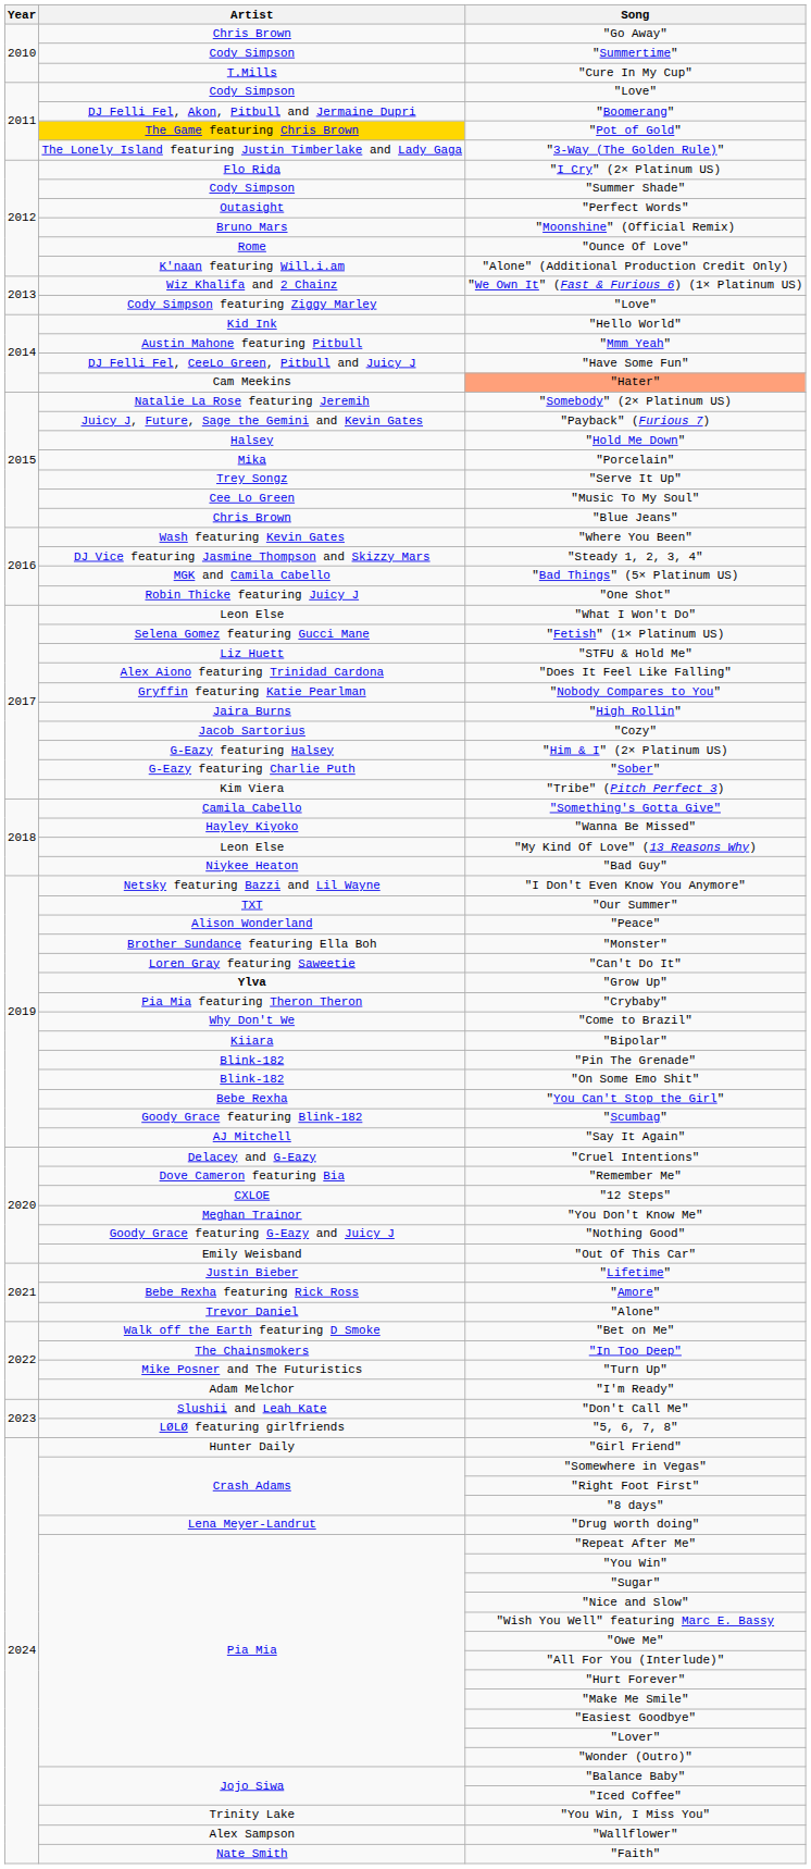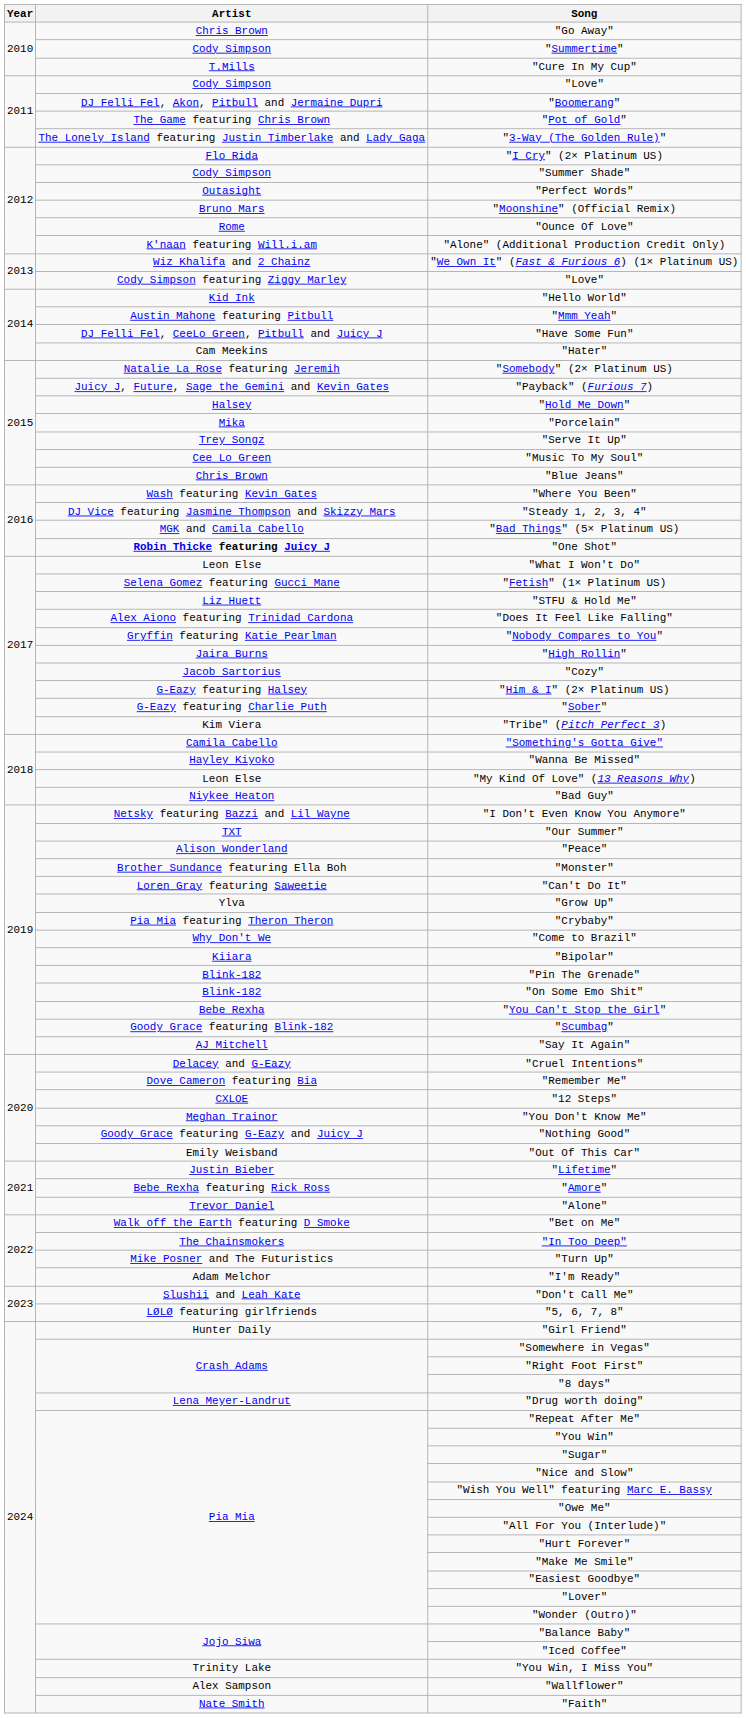 <table class="wikitable plainrowheaders" style="text-align:center;">
 <tr>
 <th scope="col">Year</th>
 <th scope="col">Artist</th>
 <th scope="col">Song</th>
 </tr>
 <tr>
 <td rowspan="3">2010</td>
 <td scope="row"><a href='#'>Chris Brown</a></td>
 <td>"Go Away"</td>
 </tr>
 <tr>
 <td><a href='#'>Cody Simpson</a></td>
 <td>"<a href='#'>Summertime</a>"</td>
 </tr>
 <tr>
 <td><a href='#'>T.Mills</a></td>
 <td>"Cure In My Cup"</td>
 </tr>
 <tr>
 <td rowspan="4">2011</td>
 <td><a href='#'>Cody Simpson</a></td>
 <td>"Love"</td>
 </tr>
 <tr>
 <td><a href='#'>DJ Felli Fel</a>, <a href='#'>Akon</a>, <a href='#'>Pitbull</a> and <a href='#'>Jermaine Dupri</a></td>
 <td>"<a href='#'>Boomerang</a>"</td>
 </tr>
 <tr>
-<td style="background: gold;"><a href='#'>The Game</a> featuring <a href='#'>Chris Brown</a></td>
+<td><a href='#'>The Game</a> featuring <a href='#'>Chris Brown</a></td>
 <td>"<a href='#'>Pot of Gold</a>"</td>
 </tr>
 <tr>
 <td><a href='#'>The Lonely Island</a> featuring <a href='#'>Justin Timberlake</a> and <a href='#'>Lady Gaga</a></td>
 <td>"<a href='#'>3-Way (The Golden Rule)</a>"</td>
 </tr>
 <tr>
 <td rowspan="6">2012</td>
 <td><a href='#'>Flo Rida</a></td>
 <td>"<a href='#'>I Cry</a>" (2× Platinum US)</td>
 </tr>
 <tr>
 <td><a href='#'>Cody Simpson</a></td>
 <td>"Summer Shade"</td>
 </tr>
 <tr>
 <td><a href='#'>Outasight</a></td>
 <td>"Perfect Words"</td>
 </tr>
 <tr>
 <td><a href='#'>Bruno Mars</a></td>
 <td>"<a href='#'>Moonshine</a>" (Official Remix)</td>
 </tr>
 <tr>
 <td><a href='#'>Rome</a></td>
 <td>"Ounce Of Love"</td>
 </tr>
 <tr>
 <td><a href='#'>K'naan</a> featuring <a href='#'>Will.i.am</a></td>
 <td>"Alone" (Additional Production Credit Only)</td>
 </tr>
 <tr>
 <td rowspan="2">2013</td>
 <td><a href='#'>Wiz Khalifa</a> and <a href='#'>2 Chainz</a></td>
 <td>"<a href='#'>We Own It</a>" (<em><a href='#'>Fast & Furious 6</a></em>) (1× Platinum US)</td>
 </tr>
 <tr>
 <td><a href='#'>Cody Simpson</a> featuring <a href='#'>Ziggy Marley</a></td>
 <td>"Love"</td>
 </tr>
 <tr>
 <td rowspan="4">2014</td>
 <td><a href='#'>Kid Ink</a></td>
 <td>"Hello World"</td>
 </tr>
 <tr>
 <td><a href='#'>Austin Mahone</a> featuring <a href='#'>Pitbull</a></td>
 <td>"<a href='#'>Mmm Yeah</a>"</td>
 </tr>
 <tr>
 <td><a href='#'>DJ Felli Fel</a>, <a href='#'>CeeLo Green</a>, <a href='#'>Pitbull</a> and <a href='#'>Juicy J</a></td>
 <td>"Have Some Fun"</td>
 </tr>
 <tr>
 <td>Cam Meekins</td>
-<td style="background: lightsalmon;">"Hater"</td>
+<td>"Hater"</td>
 </tr>
 <tr>
 <td rowspan="7">2015</td>
 <td><a href='#'>Natalie La Rose</a> featuring <a href='#'>Jeremih</a></td>
 <td>"<a href='#'>Somebody</a>" (2× Platinum US)</td>
 </tr>
 <tr>
 <td><a href='#'>Juicy J</a>, <a href='#'>Future</a>, <a href='#'>Sage the Gemini</a> and <a href='#'>Kevin Gates</a></td>
 <td>"Payback" (<em><a href='#'>Furious 7</a></em>)</td>
 </tr>
 <tr>
 <td><a href='#'>Halsey</a></td>
 <td>"<a href='#'>Hold Me Down</a>"</td>
 </tr>
 <tr>
 <td><a href='#'>Mika</a></td>
 <td>"Porcelain"</td>
 </tr>
 <tr>
 <td><a href='#'>Trey Songz</a></td>
 <td>"Serve It Up"</td>
 </tr>
 <tr>
 <td><a href='#'>Cee Lo Green</a></td>
 <td>"Music To My Soul"</td>
 </tr>
 <tr>
 <td><a href='#'>Chris Brown</a></td>
 <td>"Blue Jeans"</td>
 </tr>
 <tr>
 <td rowspan="4">2016</td>
 <td><a href='#'>Wash</a> featuring <a href='#'>Kevin Gates</a></td>
 <td>"Where You Been"</td>
 </tr>
 <tr>
 <td><a href='#'>DJ Vice</a> featuring <a href='#'>Jasmine Thompson</a> and <a href='#'>Skizzy Mars</a></td>
 <td>"Steady 1, 2, 3, 4"</td>
 </tr>
 <tr>
 <td><a href='#'>MGK</a> and <a href='#'>Camila Cabello</a></td>
 <td>"<a href='#'>Bad Things</a>" (5× Platinum US)</td>
 </tr>
 <tr>
-<td><a href='#'>Robin Thicke</a> featuring <a href='#'>Juicy J</a></td>
+<td><strong><a href='#'>Robin Thicke</a> featuring <a href='#'>Juicy J</a></strong></td>
 <td>"One Shot"</td>
 </tr>
 <tr>
 <td rowspan="10">2017</td>
 <td>Leon Else</td>
 <td>"What I Won't Do"</td>
 </tr>
 <tr>
 <td><a href='#'>Selena Gomez</a> featuring <a href='#'>Gucci Mane</a></td>
 <td>"<a href='#'>Fetish</a>" (1× Platinum US)</td>
 </tr>
 <tr>
 <td><a href='#'>Liz Huett</a></td>
 <td>"STFU & Hold Me"</td>
 </tr>
 <tr>
 <td><a href='#'>Alex Aiono</a> featuring <a href='#'>Trinidad Cardona</a></td>
 <td>"Does It Feel Like Falling"</td>
 </tr>
 <tr>
 <td><a href='#'>Gryffin</a> featuring <a href='#'>Katie Pearlman</a></td>
 <td>"<a href='#'>Nobody Compares to You</a>"</td>
 </tr>
 <tr>
 <td><a href='#'>Jaira Burns</a></td>
 <td>"<a href='#'>High Rollin</a>"</td>
 </tr>
 <tr>
 <td><a href='#'>Jacob Sartorius</a></td>
 <td>"Cozy"</td>
 </tr>
 <tr>
 <td><a href='#'>G-Eazy</a> featuring <a href='#'>Halsey</a></td>
 <td>"<a href='#'>Him & I</a>" (2× Platinum US)</td>
 </tr>
 <tr>
 <td><a href='#'>G-Eazy</a> featuring <a href='#'>Charlie Puth</a></td>
 <td>"<a href='#'>Sober</a>"</td>
 </tr>
 <tr>
 <td>Kim Viera</td>
 <td>"Tribe" (<em><a href='#'>Pitch Perfect 3</a></em>)</td>
 </tr>
 <tr>
 <td rowspan="4">2018</td>
 <td><a href='#'>Camila Cabello</a></td>
 <td><a href='#'>"Something's Gotta Give"</a></td>
 </tr>
 <tr>
 <td><a href='#'>Hayley Kiyoko</a></td>
 <td>"Wanna Be Missed"</td>
 </tr>
 <tr>
 <td>Leon Else</td>
 <td>"My Kind Of Love" (<em><a href='#'>13 Reasons Why</a></em>)</td>
 </tr>
 <tr>
 <td><a href='#'>Niykee Heaton</a></td>
 <td>"Bad Guy"</td>
 </tr>
 <tr>
 <td rowspan="14">2019</td>
 <td><a href='#'>Netsky</a> featuring <a href='#'>Bazzi</a> and <a href='#'>Lil Wayne</a></td>
 <td>"I Don't Even Know You Anymore"</td>
 </tr>
 <tr>
 <td><a href='#'>TXT</a></td>
 <td>"Our Summer"</td>
 </tr>
 <tr>
 <td><a href='#'>Alison Wonderland</a></td>
 <td>"Peace"</td>
 </tr>
 <tr>
 <td><a href='#'>Brother Sundance</a> featuring Ella Boh</td>
 <td>"Monster"</td>
 </tr>
 <tr>
 <td><a href='#'>Loren Gray</a> featuring <a href='#'>Saweetie</a></td>
 <td>"Can't Do It"</td>
 </tr>
 <tr>
-<td><strong>Ylva</strong></td>
+<td>Ylva</td>
 <td>"Grow Up"</td>
 </tr>
 <tr>
 <td><a href='#'>Pia Mia</a> featuring <a href='#'>Theron Theron</a></td>
 <td>"Crybaby"</td>
 </tr>
 <tr>
 <td><a href='#'>Why Don't We</a></td>
 <td>"Come to Brazil"</td>
 </tr>
 <tr>
 <td><a href='#'>Kiiara</a></td>
 <td>"Bipolar"</td>
 </tr>
 <tr>
 <td><a href='#'>Blink-182</a></td>
 <td>"Pin The Grenade"</td>
 </tr>
 <tr>
 <td><a href='#'>Blink-182</a></td>
 <td>"On Some Emo Shit"</td>
 </tr>
 <tr>
 <td><a href='#'>Bebe Rexha</a></td>
 <td>"<a href='#'>You Can't Stop the Girl</a>"</td>
 </tr>
 <tr>
 <td><a href='#'>Goody Grace</a> featuring <a href='#'>Blink-182</a></td>
 <td>"<a href='#'>Scumbag</a>"</td>
 </tr>
 <tr>
 <td><a href='#'>AJ Mitchell</a></td>
 <td>"Say It Again"</td>
 </tr>
 <tr>
 <td rowspan="6">2020</td>
 <td><a href='#'>Delacey</a> and <a href='#'>G-Eazy</a></td>
 <td>"Cruel Intentions"</td>
 </tr>
 <tr>
 <td><a href='#'>Dove Cameron</a> featuring <a href='#'>Bia</a></td>
 <td>"Remember Me"</td>
 </tr>
 <tr>
 <td><a href='#'>CXLOE</a></td>
 <td>"12 Steps"</td>
 </tr>
 <tr>
 <td><a href='#'>Meghan Trainor</a></td>
 <td>"You Don't Know Me"</td>
 </tr>
 <tr>
 <td><a href='#'>Goody Grace</a> featuring <a href='#'>G-Eazy</a> and <a href='#'>Juicy J</a></td>
 <td>"Nothing Good"</td>
 </tr>
 <tr>
 <td>Emily Weisband</td>
 <td>"Out Of This Car"</td>
 </tr>
 <tr>
 <td rowspan="3">2021</td>
 <td><a href='#'>Justin Bieber</a></td>
 <td>"<a href='#'>Lifetime</a>"</td>
 </tr>
 <tr>
 <td><a href='#'>Bebe Rexha</a> featuring <a href='#'>Rick Ross</a></td>
 <td>"<a href='#'>Amore</a>"</td>
 </tr>
 <tr>
 <td><a href='#'>Trevor Daniel</a></td>
 <td>"Alone"</td>
 </tr>
 <tr>
 <td rowspan="4">2022</td>
 <td><a href='#'>Walk off the Earth</a> featuring <a href='#'>D Smoke</a></td>
 <td>"Bet on Me"</td>
 </tr>
 <tr>
 <td><a href='#'>The Chainsmokers</a></td>
 <td><a href='#'>"In Too Deep"</a></td>
 </tr>
 <tr>
 <td><a href='#'>Mike Posner</a> and The Futuristics</td>
 <td>"Turn Up"</td>
 </tr>
 <tr>
 <td>Adam Melchor</td>
 <td>"I'm Ready"</td>
 </tr>
 <tr>
 <td rowspan="2">2023</td>
 <td><a href='#'>Slushii</a> and <a href='#'>Leah Kate</a></td>
 <td>"Don't Call Me"</td>
 </tr>
 <tr>
 <td><a href='#'>LØLØ</a> featuring girlfriends</td>
 <td>"5, 6, 7, 8"</td>
 </tr>
 <tr>
 <td rowspan="22">2024</td>
 <td>Hunter Daily</td>
 <td>"Girl Friend"</td>
 </tr>
 <tr>
 <td rowspan="3"><a href='#'>Crash Adams</a></td>
 <td>"Somewhere in Vegas"</td>
 </tr>
 <tr>
 <td>"Right Foot First"</td>
 </tr>
 <tr>
 <td>"8 days"</td>
 </tr>
 <tr>
 <td><a href='#'>Lena Meyer-Landrut</a></td>
 <td>"Drug worth doing"</td>
 </tr>
 <tr>
 <td rowspan="12"><a href='#'>Pia Mia</a></td>
 <td>"Repeat After Me"</td>
 </tr>
 <tr>
 <td>"You Win"</td>
 </tr>
 <tr>
 <td>"Sugar"</td>
 </tr>
 <tr>
 <td>"Nice and Slow"</td>
 </tr>
 <tr>
 <td>"Wish You Well" featuring <a href='#'>Marc E. Bassy</a></td>
 </tr>
 <tr>
 <td>"Owe Me"</td>
 </tr>
 <tr>
 <td>"All For You (Interlude)"</td>
 </tr>
 <tr>
 <td>"Hurt Forever"</td>
 </tr>
 <tr>
 <td>"Make Me Smile"</td>
 </tr>
 <tr>
 <td>"Easiest Goodbye"</td>
 </tr>
 <tr>
 <td>"Lover"</td>
 </tr>
 <tr>
 <td>"Wonder (Outro)"</td>
 </tr>
 <tr>
 <td rowspan="2"><a href='#'>Jojo Siwa</a></td>
 <td>"Balance Baby"</td>
 </tr>
 <tr>
 <td>"Iced Coffee"</td>
 </tr>
 <tr>
 <td>Trinity Lake</td>
 <td>"You Win, I Miss You"</td>
 </tr>
 <tr>
 <td>Alex Sampson</td>
 <td>"Wallflower"</td>
 </tr>
 <tr>
 <td><a href='#'>Nate Smith</a></td>
 <td>"Faith"</td>
 </tr>
 </table>
